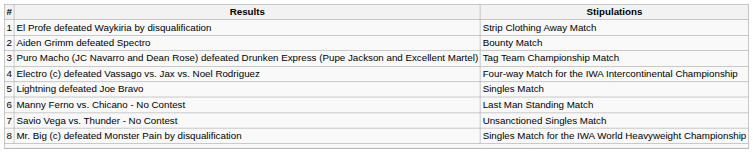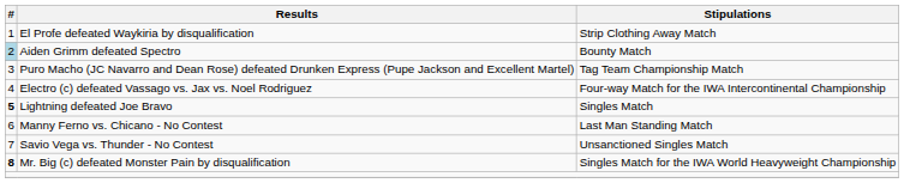 <table class="wikitable">
 <tr>
 <th>#</th>
 <th>Results</th>
 <th>Stipulations</th>
 </tr>
 <tr>
 <td>1</td>
 <td>El Profe defeated Waykiria by disqualification</td>
 <td>Strip Clothing Away Match</td>
 </tr>
 <tr>
-<td>2</td>
+<td style="background: lightblue;">2</td>
 <td>Aiden Grimm defeated Spectro</td>
 <td>Bounty Match</td>
 </tr>
 <tr>
 <td>3</td>
 <td>Puro Macho (JC Navarro and Dean Rose) defeated Drunken Express (Pupe Jackson and Excellent Martel)</td>
 <td>Tag Team Championship Match</td>
 </tr>
 <tr>
 <td>4</td>
 <td>Electro (c) defeated Vassago vs. Jax vs. Noel Rodriguez</td>
 <td>Four-way Match for the IWA Intercontinental Championship</td>
 </tr>
 <tr>
-<td>5</td>
+<td><strong>5</strong></td>
 <td>Lightning defeated Joe Bravo</td>
 <td>Singles Match</td>
 </tr>
 <tr>
 <td>6</td>
 <td>Manny Ferno vs. Chicano - No Contest</td>
 <td>Last Man Standing Match</td>
 </tr>
 <tr>
 <td>7</td>
 <td>Savio Vega vs. Thunder - No Contest</td>
 <td>Unsanctioned Singles Match</td>
 </tr>
 <tr>
-<td>8</td>
+<td><strong>8</strong></td>
 <td>Mr. Big (c) defeated Monster Pain by disqualification</td>
 <td>Singles Match for the IWA World Heavyweight Championship</td>
 </tr>
 <tr>
 <td colspan="10"></td>
 </tr>
 <tr>
 </tr>
 </table>
